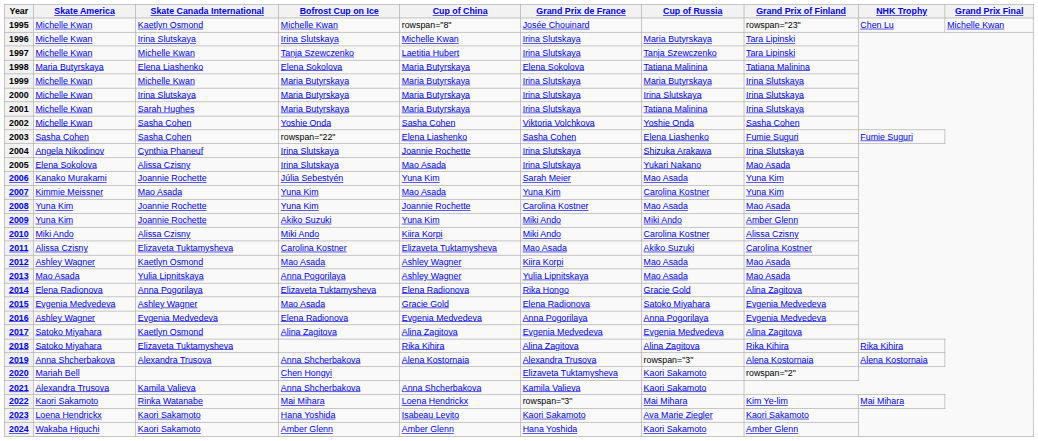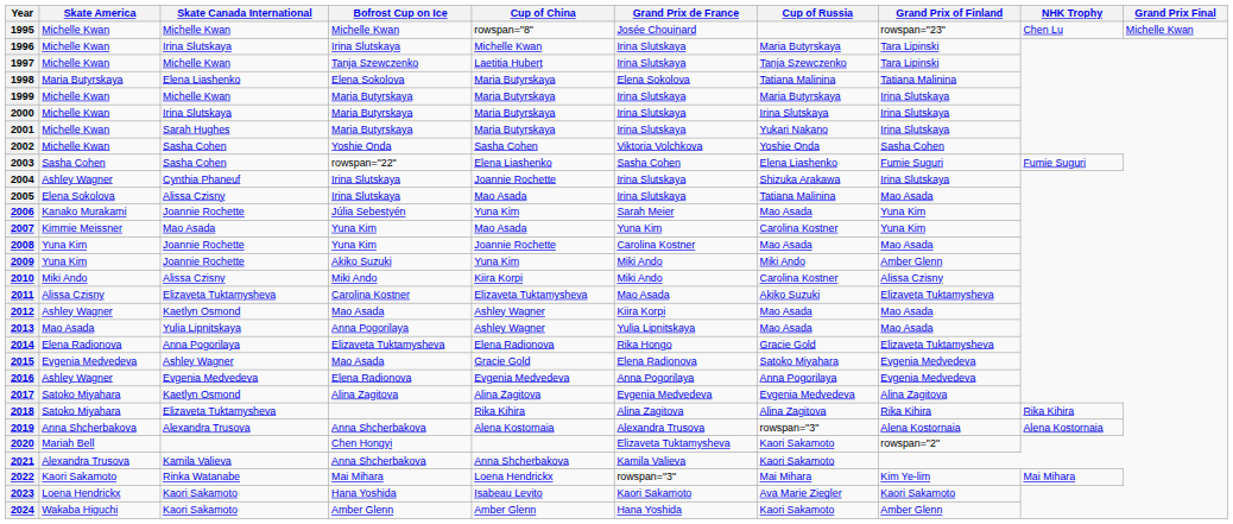 <table class="wikitable unsortable" style="font-size:85%; width:100%">
 <tr>
 <th scope="col">Year</th>
 <th scope="col"><a href='#'>Skate America</a></th>
 <th scope="col"><a href='#'>Skate Canada International</a></th>
 <th scope="col"><a href='#'>Bofrost Cup on Ice</a></th>
 <th scope="col"><a href='#'>Cup of China</a></th>
 <th scope="col"><a href='#'>Grand Prix de France</a></th>
 <th scope="col"><a href='#'>Cup of Russia</a></th>
 <th scope="col"><a href='#'>Grand Prix of Finland</a></th>
 <th scope="col"><a href='#'>NHK Trophy</a></th>
 <th scope="col"><a href='#'>Grand Prix Final</a></th>
 </tr>
 <tr>
 <th scope="row">1995</th>
 <td> <a href='#'>Michelle Kwan</a></td>
-<td> <a href='#'>Kaetlyn Osmond</a></td>
+<td> <a href='#'>Michelle Kwan</a></td>
 <td> <a href='#'>Michelle Kwan</a></td>
 <td>rowspan="8" </td>
 <td> <a href='#'>Josée Chouinard</a></td>
 <td></td>
 <td>rowspan="23" </td>
 <td> <a href='#'>Chen Lu</a></td>
 <td> <a href='#'>Michelle Kwan</a></td>
 </tr>
 <tr>
 <th scope="row">1996</th>
 <td> <a href='#'>Michelle Kwan</a></td>
 <td> <a href='#'>Irina Slutskaya</a></td>
 <td> <a href='#'>Irina Slutskaya</a></td>
 <td> <a href='#'>Michelle Kwan</a></td>
 <td> <a href='#'>Irina Slutskaya</a></td>
 <td> <a href='#'>Maria Butyrskaya</a></td>
 <td> <a href='#'>Tara Lipinski</a></td>
 </tr>
 <tr>
 <th scope="row">1997</th>
 <td> <a href='#'>Michelle Kwan</a></td>
 <td> <a href='#'>Michelle Kwan</a></td>
 <td> <a href='#'>Tanja Szewczenko</a></td>
 <td> <a href='#'>Laetitia Hubert</a></td>
 <td> <a href='#'>Irina Slutskaya</a></td>
 <td> <a href='#'>Tanja Szewczenko</a></td>
 <td> <a href='#'>Tara Lipinski</a></td>
 </tr>
 <tr>
 <th scope="row">1998</th>
 <td> <a href='#'>Maria Butyrskaya</a></td>
 <td> <a href='#'>Elena Liashenko</a></td>
 <td> <a href='#'>Elena Sokolova</a></td>
 <td> <a href='#'>Maria Butyrskaya</a></td>
 <td> <a href='#'>Elena Sokolova</a></td>
 <td> <a href='#'>Tatiana Malinina</a></td>
 <td> <a href='#'>Tatiana Malinina</a></td>
 </tr>
 <tr>
 <th scope="row">1999</th>
 <td> <a href='#'>Michelle Kwan</a></td>
 <td> <a href='#'>Michelle Kwan</a></td>
 <td> <a href='#'>Maria Butyrskaya</a></td>
 <td> <a href='#'>Maria Butyrskaya</a></td>
 <td> <a href='#'>Irina Slutskaya</a></td>
 <td> <a href='#'>Maria Butyrskaya</a></td>
 <td> <a href='#'>Irina Slutskaya</a></td>
 </tr>
 <tr>
 <th scope="row">2000</th>
 <td> <a href='#'>Michelle Kwan</a></td>
 <td> <a href='#'>Irina Slutskaya</a></td>
 <td> <a href='#'>Maria Butyrskaya</a></td>
 <td> <a href='#'>Maria Butyrskaya</a></td>
 <td> <a href='#'>Irina Slutskaya</a></td>
 <td> <a href='#'>Irina Slutskaya</a></td>
 <td> <a href='#'>Irina Slutskaya</a></td>
 </tr>
 <tr>
 <th scope="row">2001</th>
 <td> <a href='#'>Michelle Kwan</a></td>
 <td> <a href='#'>Sarah Hughes</a></td>
 <td> <a href='#'>Maria Butyrskaya</a></td>
 <td> <a href='#'>Maria Butyrskaya</a></td>
 <td> <a href='#'>Irina Slutskaya</a></td>
-<td> <a href='#'>Tatiana Malinina</a></td>
+<td> <a href='#'>Yukari Nakano</a></td>
 <td> <a href='#'>Irina Slutskaya</a></td>
 </tr>
 <tr>
 <th scope="row">2002</th>
 <td> <a href='#'>Michelle Kwan</a></td>
 <td> <a href='#'>Sasha Cohen</a></td>
 <td> <a href='#'>Yoshie Onda</a></td>
 <td> <a href='#'>Sasha Cohen</a></td>
 <td> <a href='#'>Viktoria Volchkova</a></td>
 <td> <a href='#'>Yoshie Onda</a></td>
 <td> <a href='#'>Sasha Cohen</a></td>
 </tr>
 <tr>
 <th scope="row">2003</th>
 <td> <a href='#'>Sasha Cohen</a></td>
 <td> <a href='#'>Sasha Cohen</a></td>
 <td>rowspan="22" </td>
 <td> <a href='#'>Elena Liashenko</a></td>
 <td> <a href='#'>Sasha Cohen</a></td>
 <td> <a href='#'>Elena Liashenko</a></td>
 <td> <a href='#'>Fumie Suguri</a></td>
 <td> <a href='#'>Fumie Suguri</a></td>
 </tr>
 <tr>
 <th scope="row">2004</th>
-<td> <a href='#'>Angela Nikodinov</a></td>
+<td> <a href='#'>Ashley Wagner</a></td>
 <td> <a href='#'>Cynthia Phaneuf</a></td>
 <td> <a href='#'>Irina Slutskaya</a></td>
 <td> <a href='#'>Joannie Rochette</a></td>
 <td> <a href='#'>Irina Slutskaya</a></td>
 <td> <a href='#'>Shizuka Arakawa</a></td>
 <td> <a href='#'>Irina Slutskaya</a></td>
 </tr>
 <tr>
 <th scope="row">2005</th>
 <td> <a href='#'>Elena Sokolova</a></td>
 <td> <a href='#'>Alissa Czisny</a></td>
 <td> <a href='#'>Irina Slutskaya</a></td>
 <td> <a href='#'>Mao Asada</a></td>
 <td> <a href='#'>Irina Slutskaya</a></td>
-<td> <a href='#'>Yukari Nakano</a></td>
+<td> <a href='#'>Tatiana Malinina</a></td>
 <td> <a href='#'>Mao Asada</a></td>
 </tr>
 <tr>
 <th scope="row"><a href='#'>2006</a></th>
 <td> <a href='#'>Kanako Murakami</a></td>
 <td> <a href='#'>Joannie Rochette</a></td>
 <td> <a href='#'>Júlia Sebestyén</a></td>
 <td> <a href='#'>Yuna Kim</a></td>
 <td> <a href='#'>Sarah Meier</a></td>
 <td> <a href='#'>Mao Asada</a></td>
 <td> <a href='#'>Yuna Kim</a></td>
 </tr>
 <tr>
 <th scope="row"><a href='#'>2007</a></th>
 <td> <a href='#'>Kimmie Meissner</a></td>
 <td> <a href='#'>Mao Asada</a></td>
 <td> <a href='#'>Yuna Kim</a></td>
 <td> <a href='#'>Mao Asada</a></td>
 <td> <a href='#'>Yuna Kim</a></td>
 <td> <a href='#'>Carolina Kostner</a></td>
 <td> <a href='#'>Yuna Kim</a></td>
 </tr>
 <tr>
 <th scope="row"><a href='#'>2008</a></th>
 <td> <a href='#'>Yuna Kim</a></td>
 <td> <a href='#'>Joannie Rochette</a></td>
 <td> <a href='#'>Yuna Kim</a></td>
 <td> <a href='#'>Joannie Rochette</a></td>
 <td> <a href='#'>Carolina Kostner</a></td>
 <td> <a href='#'>Mao Asada</a></td>
 <td> <a href='#'>Mao Asada</a></td>
 </tr>
 <tr>
 <th scope="row"><a href='#'>2009</a></th>
 <td> <a href='#'>Yuna Kim</a></td>
 <td> <a href='#'>Joannie Rochette</a></td>
 <td> <a href='#'>Akiko Suzuki</a></td>
 <td> <a href='#'>Yuna Kim</a></td>
 <td> <a href='#'>Miki Ando</a></td>
 <td> <a href='#'>Miki Ando</a></td>
 <td> <a href='#'>Amber Glenn</a></td>
 </tr>
 <tr>
 <th scope="row"><a href='#'>2010</a></th>
 <td> <a href='#'>Miki Ando</a></td>
 <td> <a href='#'>Alissa Czisny</a></td>
 <td> <a href='#'>Miki Ando</a></td>
 <td> <a href='#'>Kiira Korpi</a></td>
 <td> <a href='#'>Miki Ando</a></td>
 <td> <a href='#'>Carolina Kostner</a></td>
 <td> <a href='#'>Alissa Czisny</a></td>
 </tr>
 <tr>
 <th scope="row"><a href='#'>2011</a></th>
 <td> <a href='#'>Alissa Czisny</a></td>
 <td> <a href='#'>Elizaveta Tuktamysheva</a></td>
 <td> <a href='#'>Carolina Kostner</a></td>
 <td> <a href='#'>Elizaveta Tuktamysheva</a></td>
 <td> <a href='#'>Mao Asada</a></td>
 <td> <a href='#'>Akiko Suzuki</a></td>
-<td> <a href='#'>Carolina Kostner</a></td>
+<td> <a href='#'>Elizaveta Tuktamysheva</a></td>
 </tr>
 <tr>
 <th scope="row"><a href='#'>2012</a></th>
 <td> <a href='#'>Ashley Wagner</a></td>
 <td> <a href='#'>Kaetlyn Osmond</a></td>
 <td> <a href='#'>Mao Asada</a></td>
 <td> <a href='#'>Ashley Wagner</a></td>
 <td> <a href='#'>Kiira Korpi</a></td>
 <td> <a href='#'>Mao Asada</a></td>
 <td> <a href='#'>Mao Asada</a></td>
 </tr>
 <tr>
 <th scope="row"><a href='#'>2013</a></th>
 <td> <a href='#'>Mao Asada</a></td>
 <td> <a href='#'>Yulia Lipnitskaya</a></td>
 <td> <a href='#'>Anna Pogorilaya</a></td>
 <td> <a href='#'>Ashley Wagner</a></td>
 <td> <a href='#'>Yulia Lipnitskaya</a></td>
 <td> <a href='#'>Mao Asada</a></td>
 <td> <a href='#'>Mao Asada</a></td>
 </tr>
 <tr>
 <th scope="row"><a href='#'>2014</a></th>
 <td> <a href='#'>Elena Radionova</a></td>
 <td> <a href='#'>Anna Pogorilaya</a></td>
 <td> <a href='#'>Elizaveta Tuktamysheva</a></td>
 <td> <a href='#'>Elena Radionova</a></td>
 <td> <a href='#'>Rika Hongo</a></td>
 <td> <a href='#'>Gracie Gold</a></td>
-<td> <a href='#'>Alina Zagitova</a></td>
+<td> <a href='#'>Elizaveta Tuktamysheva</a></td>
 </tr>
 <tr>
 <th scope="row"><a href='#'>2015</a></th>
 <td> <a href='#'>Evgenia Medvedeva</a></td>
 <td> <a href='#'>Ashley Wagner</a></td>
 <td> <a href='#'>Mao Asada</a></td>
 <td> <a href='#'>Gracie Gold</a></td>
 <td> <a href='#'>Elena Radionova</a></td>
 <td> <a href='#'>Satoko Miyahara</a></td>
 <td> <a href='#'>Evgenia Medvedeva</a></td>
 </tr>
 <tr>
 <th scope="row"><a href='#'>2016</a></th>
 <td> <a href='#'>Ashley Wagner</a></td>
 <td> <a href='#'>Evgenia Medvedeva</a></td>
 <td> <a href='#'>Elena Radionova</a></td>
 <td> <a href='#'>Evgenia Medvedeva</a></td>
 <td> <a href='#'>Anna Pogorilaya</a></td>
 <td> <a href='#'>Anna Pogorilaya</a></td>
 <td> <a href='#'>Evgenia Medvedeva</a></td>
 </tr>
 <tr>
 <th scope="row"><a href='#'>2017</a></th>
 <td> <a href='#'>Satoko Miyahara</a></td>
 <td> <a href='#'>Kaetlyn Osmond</a></td>
 <td> <a href='#'>Alina Zagitova</a></td>
 <td> <a href='#'>Alina Zagitova</a></td>
 <td> <a href='#'>Evgenia Medvedeva</a></td>
 <td> <a href='#'>Evgenia Medvedeva</a></td>
 <td> <a href='#'>Alina Zagitova</a></td>
 </tr>
 <tr>
 <th scope="row"><a href='#'>2018</a></th>
 <td> <a href='#'>Satoko Miyahara</a></td>
 <td> <a href='#'>Elizaveta Tuktamysheva</a></td>
 <td></td>
 <td> <a href='#'>Rika Kihira</a></td>
 <td> <a href='#'>Alina Zagitova</a></td>
 <td> <a href='#'>Alina Zagitova</a></td>
 <td> <a href='#'>Rika Kihira</a></td>
 <td> <a href='#'>Rika Kihira</a></td>
 </tr>
 <tr>
 <th scope="row"><a href='#'>2019</a></th>
 <td> <a href='#'>Anna Shcherbakova</a></td>
 <td> <a href='#'>Alexandra Trusova</a></td>
 <td> <a href='#'>Anna Shcherbakova</a></td>
 <td> <a href='#'>Alena Kostornaia</a></td>
 <td> <a href='#'>Alexandra Trusova</a></td>
 <td>rowspan="3" </td>
 <td> <a href='#'>Alena Kostornaia</a></td>
 <td> <a href='#'>Alena Kostornaia</a></td>
 </tr>
 <tr>
 <th scope="row"><a href='#'>2020</a></th>
 <td> <a href='#'>Mariah Bell</a></td>
 <td></td>
 <td> <a href='#'>Chen Hongyi</a></td>
 <td></td>
 <td> <a href='#'>Elizaveta Tuktamysheva</a></td>
 <td> <a href='#'>Kaori Sakamoto</a></td>
 <td>rowspan="2" </td>
 </tr>
 <tr>
 <th scope="row"><a href='#'>2021</a></th>
 <td> <a href='#'>Alexandra Trusova</a></td>
 <td> <a href='#'>Kamila Valieva</a></td>
 <td> <a href='#'>Anna Shcherbakova</a></td>
 <td> <a href='#'>Anna Shcherbakova</a></td>
 <td> <a href='#'>Kamila Valieva</a></td>
 <td> <a href='#'>Kaori Sakamoto</a></td>
 </tr>
 <tr>
 <th scope="row"><a href='#'>2022</a></th>
 <td> <a href='#'>Kaori Sakamoto</a></td>
 <td> <a href='#'>Rinka Watanabe</a></td>
 <td> <a href='#'>Mai Mihara</a></td>
 <td> <a href='#'>Loena Hendrickx</a></td>
 <td>rowspan="3" </td>
 <td> <a href='#'>Mai Mihara</a></td>
 <td> <a href='#'>Kim Ye-lim</a></td>
 <td> <a href='#'>Mai Mihara</a></td>
 </tr>
 <tr>
 <th scope="row"><a href='#'>2023</a></th>
 <td> <a href='#'>Loena Hendrickx</a></td>
 <td> <a href='#'>Kaori Sakamoto</a></td>
 <td> <a href='#'>Hana Yoshida</a></td>
 <td> <a href='#'>Isabeau Levito</a></td>
 <td> <a href='#'>Kaori Sakamoto</a></td>
 <td> <a href='#'>Ava Marie Ziegler</a></td>
 <td> <a href='#'>Kaori Sakamoto</a></td>
 </tr>
 <tr>
 <th scope="row"><a href='#'>2024</a></th>
 <td> <a href='#'>Wakaba Higuchi</a></td>
 <td> <a href='#'>Kaori Sakamoto</a></td>
 <td> <a href='#'>Amber Glenn</a></td>
 <td> <a href='#'>Amber Glenn</a></td>
 <td> <a href='#'>Hana Yoshida</a></td>
 <td> <a href='#'>Kaori Sakamoto</a></td>
 <td> <a href='#'>Amber Glenn</a></td>
 </tr>
 </table>
